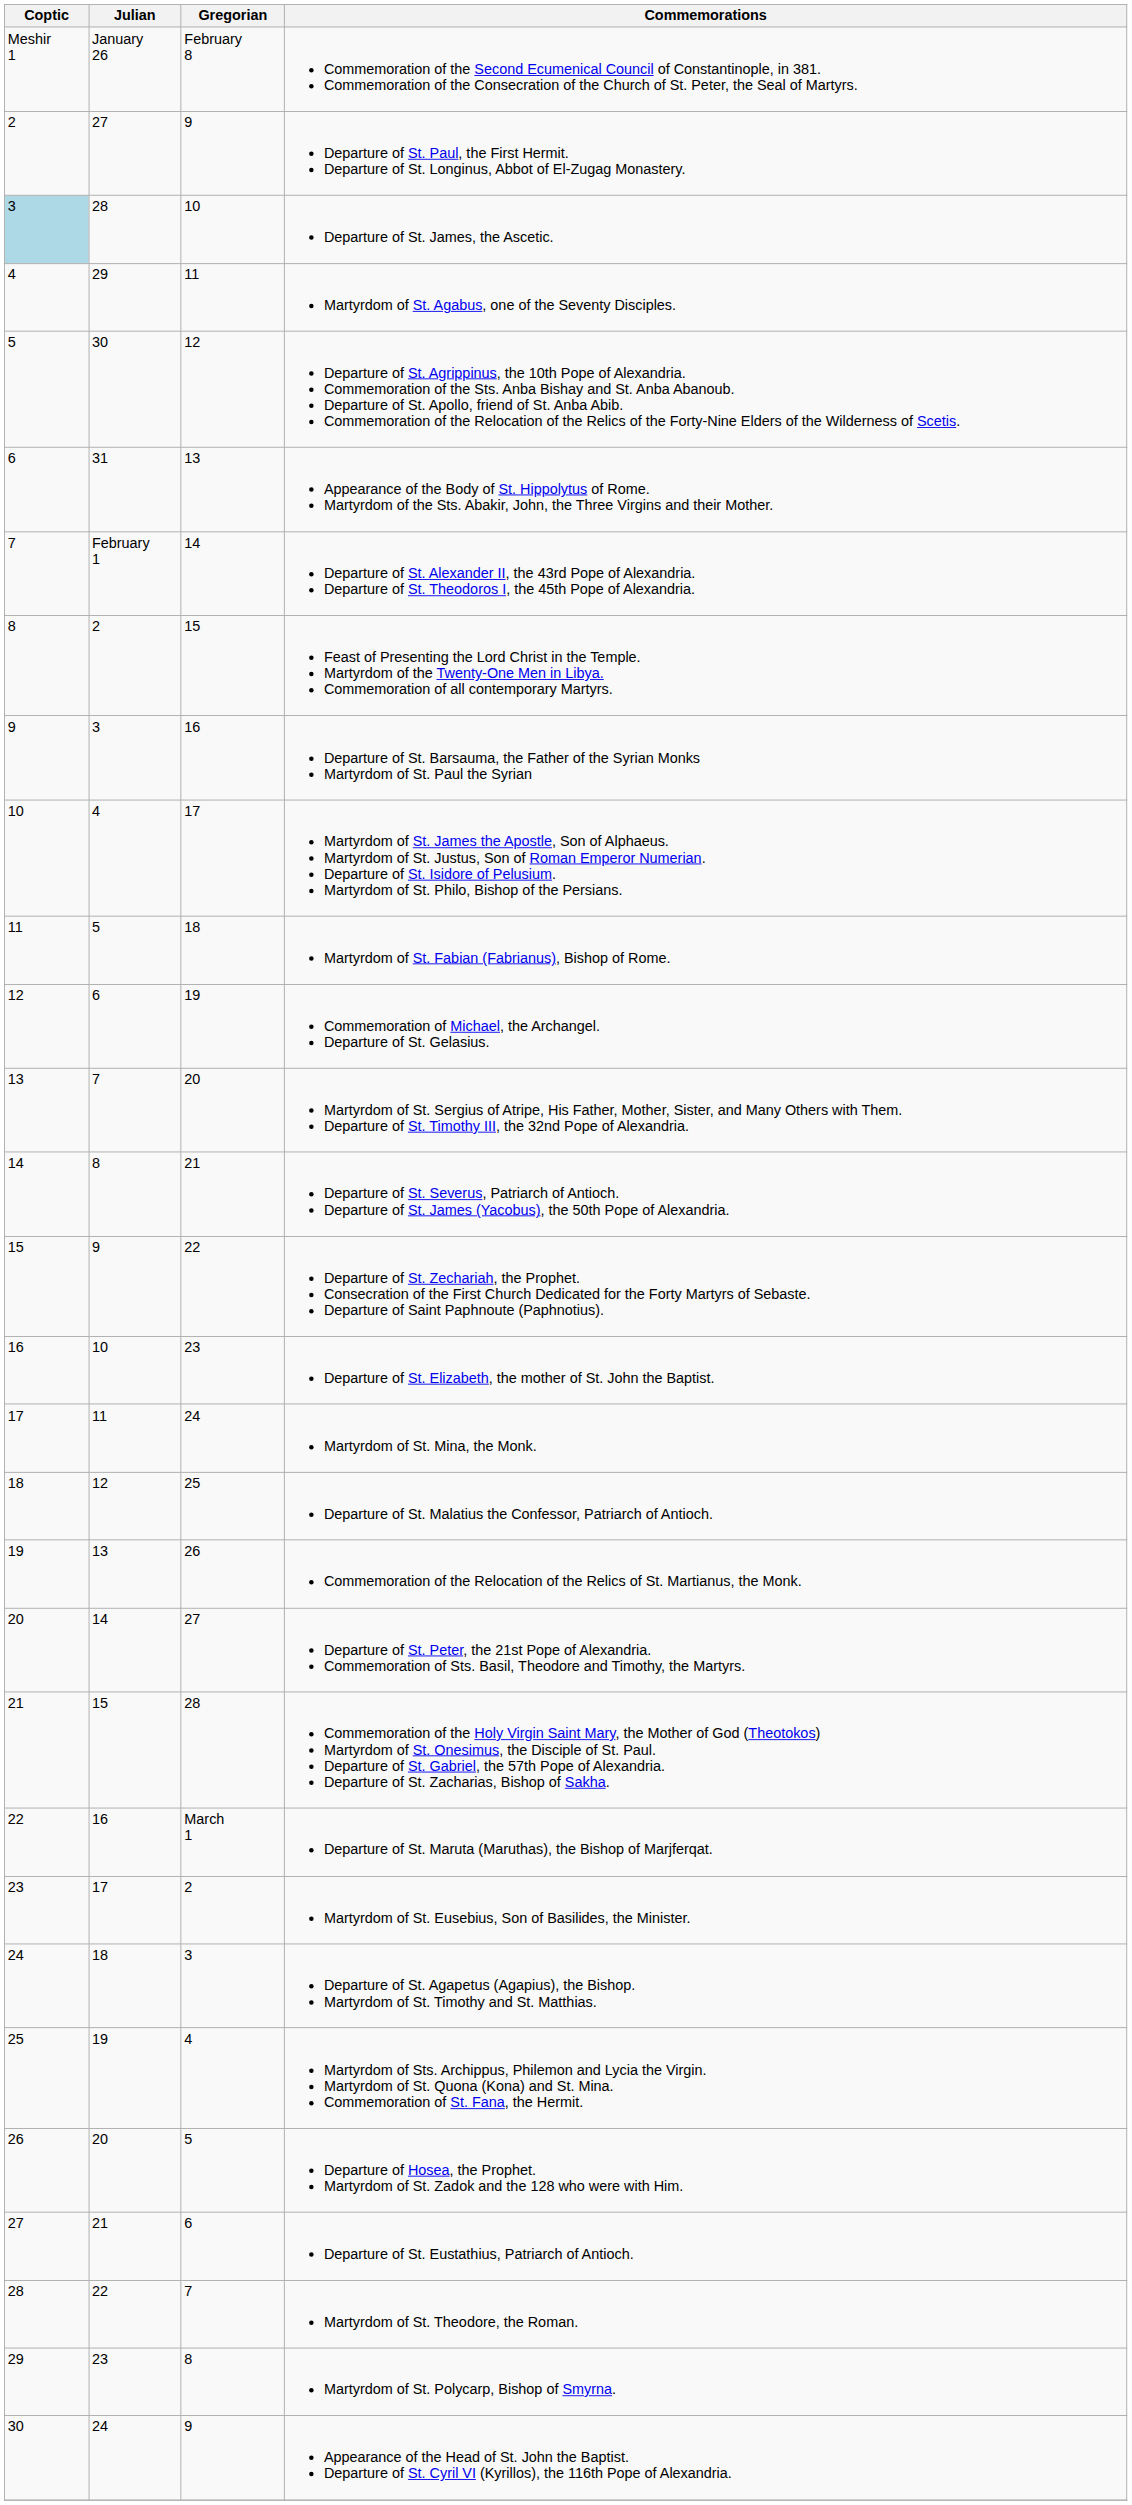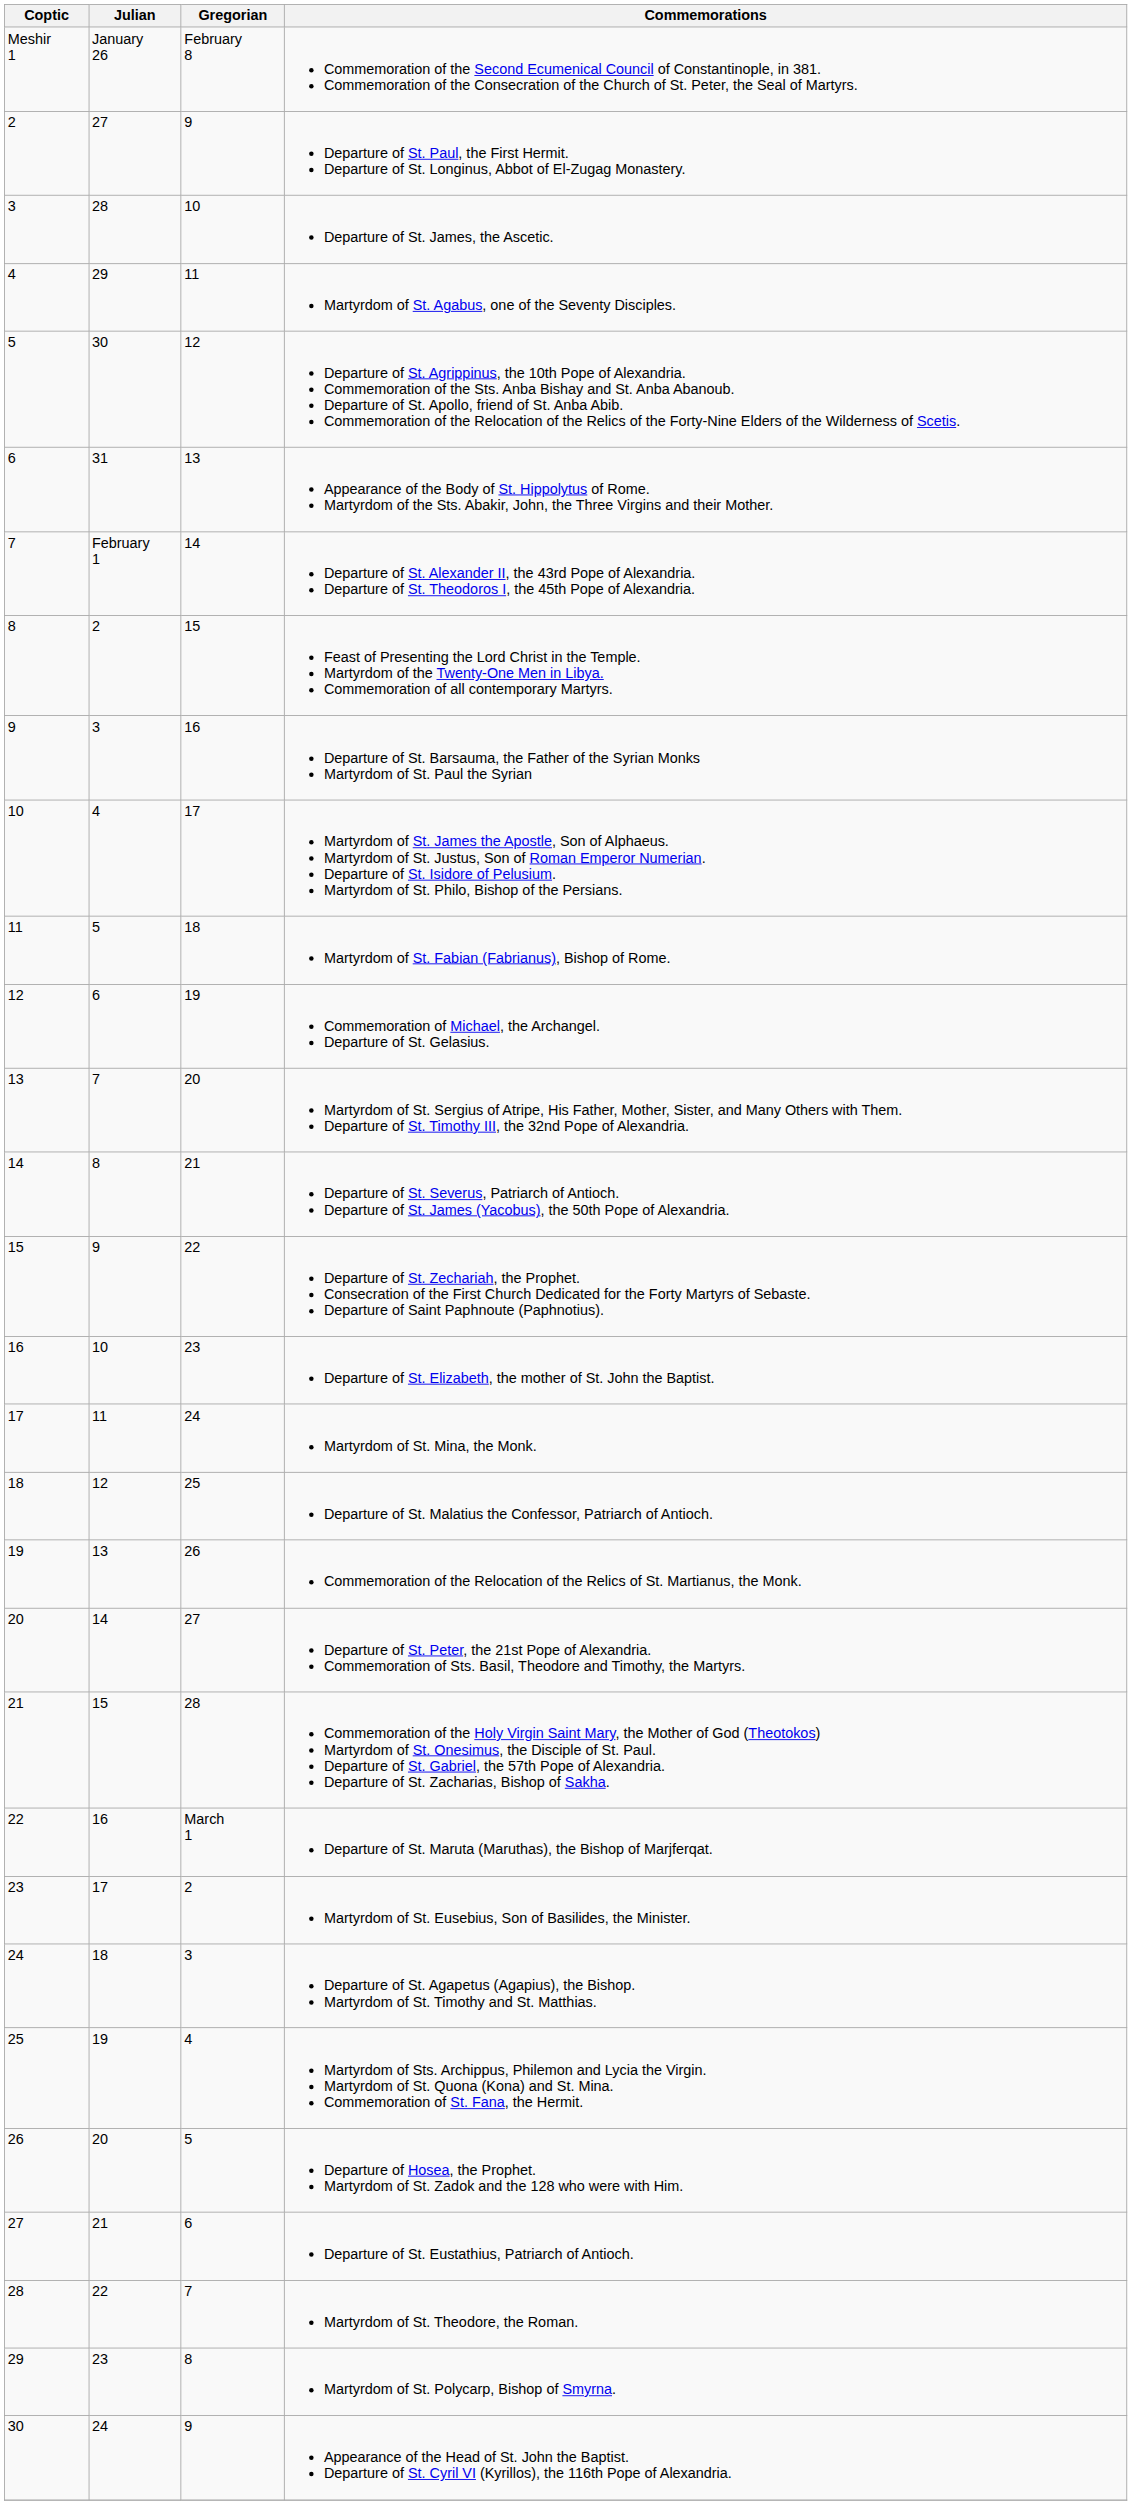 <table class="wikitable">
 <tr>
 <th style="width:5%;">Coptic</th>
 <th style="width:5%;">Julian</th>
 <th style="width:5%;">Gregorian</th>
 <th style="width:50%;">Commemorations</th>
 </tr>
 <tr valign="top">
 <td>Meshir<br>1</td>
 <td>January<br>26</td>
 <td>February<br>8</td>
 <td><br><ul><li>Commemoration of the <a href='#'>Second Ecumenical Council</a> of Constantinople, in 381.</li><li>Commemoration of the Consecration of the Church of St. Peter, the Seal of Martyrs.</li></ul></td>
 </tr>
 <tr valign="top">
 <td>2</td>
 <td>27</td>
 <td>9</td>
 <td><br><ul><li>Departure of <a href='#'>St. Paul</a>, the First Hermit.</li><li>Departure of St. Longinus, Abbot of El-Zugag Monastery.</li></ul></td>
 </tr>
 <tr valign="top">
-<td style="background: lightblue;">3</td>
+<td>3</td>
 <td>28</td>
 <td>10</td>
 <td><br><ul><li>Departure of St. James, the Ascetic.</li></ul></td>
 </tr>
 <tr valign="top">
 <td>4</td>
 <td>29</td>
 <td>11</td>
 <td><br><ul><li>Martyrdom of <a href='#'>St. Agabus</a>, one of the Seventy Disciples.</li></ul></td>
 </tr>
 <tr valign="top">
 <td>5</td>
 <td>30</td>
 <td>12</td>
 <td><br><ul><li>Departure of <a href='#'>St. Agrippinus</a>, the 10th Pope of Alexandria.</li><li>Commemoration of the Sts. Anba Bishay and St. Anba Abanoub.</li><li>Departure of St. Apollo, friend of St. Anba Abib.</li><li>Commemoration of the Relocation of the Relics of the Forty-Nine Elders of the Wilderness of <a href='#'>Scetis</a>.</li></ul></td>
 </tr>
 <tr valign="top">
 <td>6</td>
 <td>31</td>
 <td>13</td>
 <td><br><ul><li>Appearance of the Body of <a href='#'>St. Hippolytus</a> of Rome.</li><li>Martyrdom of the Sts. Abakir, John, the Three Virgins and their Mother.</li></ul></td>
 </tr>
 <tr valign="top">
 <td>7</td>
 <td>February<br>1</td>
 <td>14</td>
 <td><br><ul><li>Departure of <a href='#'>St. Alexander II</a>, the 43rd Pope of Alexandria.</li><li>Departure of <a href='#'>St. Theodoros I</a>, the 45th Pope of Alexandria.</li></ul></td>
 </tr>
 <tr valign="top">
 <td>8</td>
 <td>2</td>
 <td>15</td>
 <td><br><ul><li>Feast of Presenting the Lord Christ in the Temple.</li><li>Martyrdom of the <a href='#'>Twenty-One Men in Libya.</a></li><li>Commemoration of all contemporary Martyrs.</li></ul></td>
 </tr>
 <tr valign="top">
 <td>9</td>
 <td>3</td>
 <td>16</td>
 <td><br><ul><li>Departure of St. Barsauma, the Father of the Syrian Monks</li><li>Martyrdom of St. Paul the Syrian</li></ul></td>
 </tr>
 <tr valign="top">
 <td>10</td>
 <td>4</td>
 <td>17</td>
 <td><br><ul><li>Martyrdom of <a href='#'>St. James the Apostle</a>, Son of Alphaeus.</li><li>Martyrdom of St. Justus, Son of <a href='#'>Roman Emperor Numerian</a>.</li><li>Departure of <a href='#'>St. Isidore of Pelusium</a>.</li><li>Martyrdom of St. Philo, Bishop of the Persians.</li></ul></td>
 </tr>
 <tr valign="top">
 <td>11</td>
 <td>5</td>
 <td>18</td>
 <td><br><ul><li>Martyrdom of <a href='#'>St. Fabian (Fabrianus)</a>, Bishop of Rome.</li></ul></td>
 </tr>
 <tr valign="top">
 <td>12</td>
 <td>6</td>
 <td>19</td>
 <td><br><ul><li>Commemoration of <a href='#'>Michael</a>, the Archangel.</li><li>Departure of St. Gelasius.</li></ul></td>
 </tr>
 <tr valign="top">
 <td>13</td>
 <td>7</td>
 <td>20</td>
 <td><br><ul><li>Martyrdom of St. Sergius of Atripe, His Father, Mother, Sister, and Many Others with Them.</li><li>Departure of <a href='#'>St. Timothy III</a>, the 32nd Pope of Alexandria.</li></ul></td>
 </tr>
 <tr valign="top">
 <td>14</td>
 <td>8</td>
 <td>21</td>
 <td><br><ul><li>Departure of <a href='#'>St. Severus</a>, Patriarch of Antioch.</li><li>Departure of <a href='#'>St. James (Yacobus)</a>, the 50th Pope of Alexandria.</li></ul></td>
 </tr>
 <tr valign="top">
 <td>15</td>
 <td>9</td>
 <td>22</td>
 <td><br><ul><li>Departure of <a href='#'>St. Zechariah</a>, the Prophet.</li><li>Consecration of the First Church Dedicated for the Forty Martyrs of Sebaste.</li><li>Departure of Saint Paphnoute (Paphnotius).</li></ul></td>
 </tr>
 <tr valign="top">
 <td>16</td>
 <td>10</td>
 <td>23</td>
 <td><br><ul><li>Departure of <a href='#'>St. Elizabeth</a>, the mother of St. John the Baptist.</li></ul></td>
 </tr>
 <tr valign="top">
 <td>17</td>
 <td>11</td>
 <td>24</td>
 <td><br><ul><li>Martyrdom of St. Mina, the Monk.</li></ul></td>
 </tr>
 <tr valign="top">
 <td>18</td>
 <td>12</td>
 <td>25</td>
 <td><br><ul><li>Departure of St. Malatius the Confessor, Patriarch of Antioch.</li></ul></td>
 </tr>
 <tr valign="top">
 <td>19</td>
 <td>13</td>
 <td>26</td>
 <td><br><ul><li>Commemoration of the Relocation of the Relics of St. Martianus, the Monk.</li></ul></td>
 </tr>
 <tr valign="top">
 <td>20</td>
 <td>14</td>
 <td>27</td>
 <td><br><ul><li>Departure of <a href='#'>St. Peter</a>, the 21st Pope of Alexandria.</li><li>Commemoration of Sts. Basil, Theodore and Timothy, the Martyrs.</li></ul></td>
 </tr>
 <tr valign="top">
 <td>21</td>
 <td>15</td>
 <td>28</td>
 <td><br><ul><li>Commemoration of the <a href='#'>Holy Virgin Saint Mary</a>, the Mother of God (<a href='#'>Theotokos</a>)</li><li>Martyrdom of <a href='#'>St. Onesimus</a>, the Disciple of St. Paul.</li><li>Departure of <a href='#'>St. Gabriel</a>, the 57th Pope of Alexandria.</li><li>Departure of St. Zacharias, Bishop of <a href='#'>Sakha</a>.</li></ul></td>
 </tr>
 <tr valign="top">
 <td>22</td>
 <td>16</td>
 <td>March<br>1</td>
 <td><br><ul><li>Departure of St. Maruta (Maruthas), the Bishop of Marjferqat.</li></ul></td>
 </tr>
 <tr valign="top">
 <td>23</td>
 <td>17</td>
 <td>2</td>
 <td><br><ul><li>Martyrdom of St. Eusebius, Son of Basilides, the Minister.</li></ul></td>
 </tr>
 <tr valign="top">
 <td>24</td>
 <td>18</td>
 <td>3</td>
 <td><br><ul><li>Departure of St. Agapetus (Agapius), the Bishop.</li><li>Martyrdom of St. Timothy and St. Matthias.</li></ul></td>
 </tr>
 <tr valign="top">
 <td>25</td>
 <td>19</td>
 <td>4</td>
 <td><br><ul><li>Martyrdom of Sts. Archippus, Philemon and Lycia the Virgin.</li><li>Martyrdom of St. Quona (Kona) and St. Mina.</li><li>Commemoration of <a href='#'>St. Fana</a>, the Hermit.</li></ul></td>
 </tr>
 <tr valign="top">
 <td>26</td>
 <td>20</td>
 <td>5</td>
 <td><br><ul><li>Departure of <a href='#'>Hosea</a>, the Prophet.</li><li>Martyrdom of St. Zadok and the 128 who were with Him.</li></ul></td>
 </tr>
 <tr valign="top">
 <td>27</td>
 <td>21</td>
 <td>6</td>
 <td><br><ul><li>Departure of St. Eustathius, Patriarch of Antioch.</li></ul></td>
 </tr>
 <tr valign="top">
 <td>28</td>
 <td>22</td>
 <td>7</td>
 <td><br><ul><li>Martyrdom of St. Theodore, the Roman.</li></ul></td>
 </tr>
 <tr valign="top">
 <td>29</td>
 <td>23</td>
 <td>8</td>
 <td><br><ul><li>Martyrdom of St. Polycarp, Bishop of <a href='#'>Smyrna</a>.</li></ul></td>
 </tr>
 <tr valign="top">
 <td>30</td>
 <td>24</td>
 <td>9</td>
 <td><br><ul><li>Appearance of the Head of St. John the Baptist.</li><li>Departure of <a href='#'>St. Cyril VI</a> (Kyrillos), the 116th Pope of Alexandria.</li></ul></td>
 </tr>
 <tr valign="top">
 </tr>
 </table>
